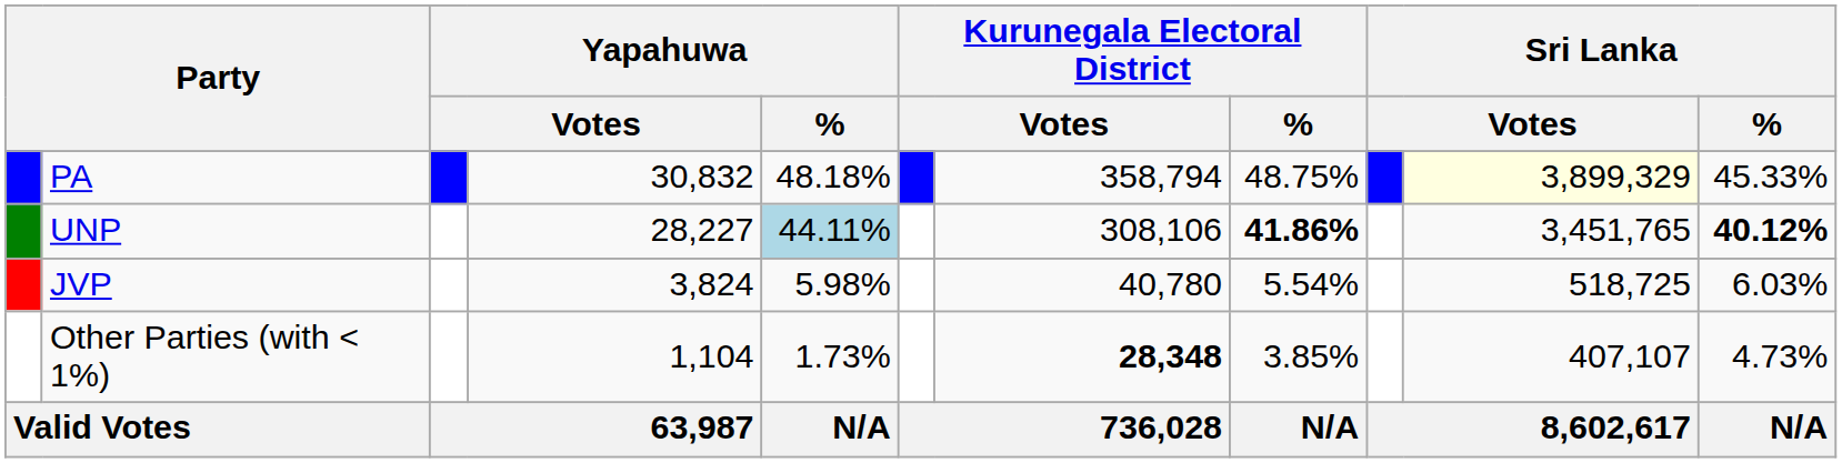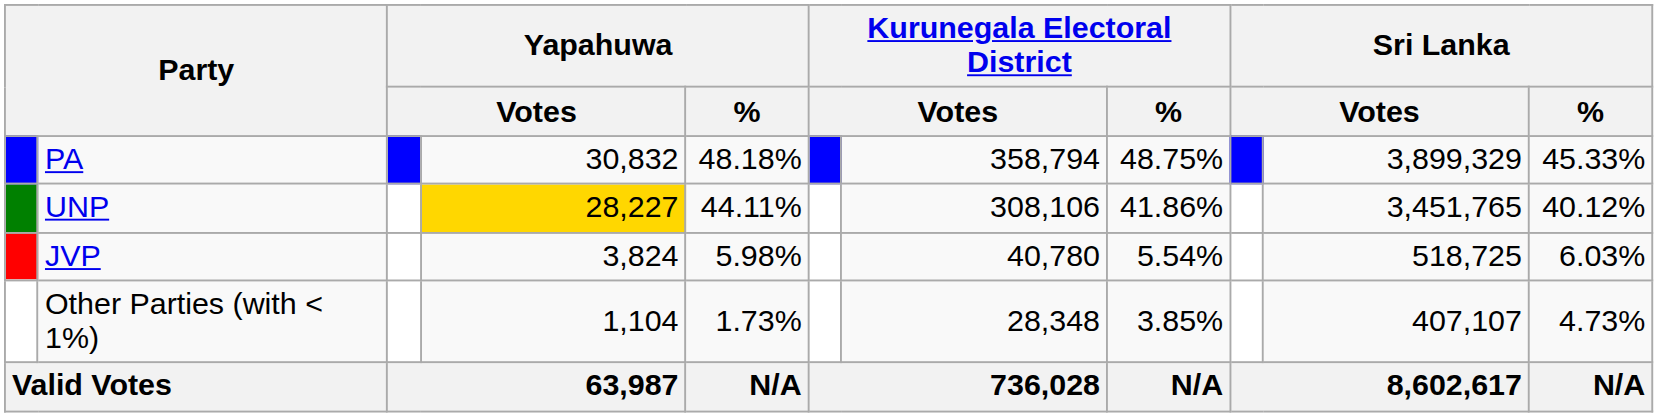 <table class="wikitable">
 <tr>
 <th colspan="2" width="144px"rowspan="2">Party</th>
 <th colspan="3" width="216px">Yapahuwa</th>
 <th colspan="3" width="216px"><a href='#'>Kurunegala Electoral District</a></th>
 <th colspan="3" width="216px">Sri Lanka</th>
 </tr>
 <tr>
 <th colspan="2" width="144px">Votes</th>
 <th>%</th>
 <th colspan="2" width="144px">Votes</th>
 <th>%</th>
 <th colspan="2" width="144px">Votes</th>
 <th>%</th>
 </tr>
 <tr>
 <td style="background-color:blue;" width="10px"></td>
 <td style="text-align:left;"><a href='#'>PA</a></td>
 <td style="background-color:blue;" width="10px"></td>
 <td style="text-align:right;">30,832</td>
 <td style="text-align:right;">48.18%</td>
 <td style="background-color:blue;" width="10px"></td>
 <td style="text-align:right;">358,794</td>
 <td style="text-align:right;">48.75%</td>
 <td style="background-color:blue;" width="10px"></td>
-<td style="background: lightyellow; text-align:right;">3,899,329</td>
+<td style="text-align:right;">3,899,329</td>
 <td style="text-align:right;">45.33%</td>
 </tr>
 <tr>
 <td style="background-color:green;" width="10px"></td>
 <td style="text-align:left;"><a href='#'>UNP</a></td>
 <td style="background-color:white;" width="10px"></td>
-<td style="text-align:right;">28,227</td>
-<td style="background: lightblue; text-align:right;">44.11%</td>
+<td style="background: gold; text-align:right;">28,227</td>
+<td style="text-align:right;">44.11%</td>
 <td style="background-color:white;" width="10px"></td>
 <td style="text-align:right;">308,106</td>
-<td style="text-align:right;"><strong>41.86%</strong></td>
+<td style="text-align:right;">41.86%</td>
 <td style="background-color:white;" width="10px"></td>
 <td style="text-align:right;">3,451,765</td>
-<td style="text-align:right;"><strong>40.12%</strong></td>
+<td style="text-align:right;">40.12%</td>
 </tr>
 <tr>
 <td style="background-color:red;" width="10px"></td>
 <td style="text-align:left;"><a href='#'>JVP</a></td>
 <td style="background-color:white;" width="10px"></td>
 <td style="text-align:right;">3,824</td>
 <td style="text-align:right;">5.98%</td>
 <td style="background-color:white;" width="10px"></td>
 <td style="text-align:right;">40,780</td>
 <td style="text-align:right;">5.54%</td>
 <td style="background-color:white;" width="10px"></td>
 <td style="text-align:right;">518,725</td>
 <td style="text-align:right;">6.03%</td>
 </tr>
 <tr>
 <td style="background-color:white;" width="10px"></td>
 <td style="text-align:left;">Other Parties (with < 1%)</td>
 <td style="background-color:white;" width="10px"></td>
 <td style="text-align:right;">1,104</td>
 <td style="text-align:right;">1.73%</td>
 <td style="background-color:white;" width="10px"></td>
-<td style="text-align:right;"><strong>28,348</strong></td>
+<td style="text-align:right;">28,348</td>
 <td style="text-align:right;">3.85%</td>
 <td style="background-color:white;" width="10px"></td>
 <td style="text-align:right;">407,107</td>
 <td style="text-align:right;">4.73%</td>
 </tr>
 <tr>
 <th colspan="2" width="144px"style="text-align:left;">Valid Votes</th>
 <th style="text-align:right;"colspan="2" width="144px">63,987</th>
 <th style="text-align:right;">N/A</th>
 <th style="text-align:right;"colspan="2" width="144px">736,028</th>
 <th style="text-align:right;">N/A</th>
 <th style="text-align:right;"colspan="2" width="144px">8,602,617</th>
 <th style="text-align:right;">N/A</th>
 </tr>
 </table>
